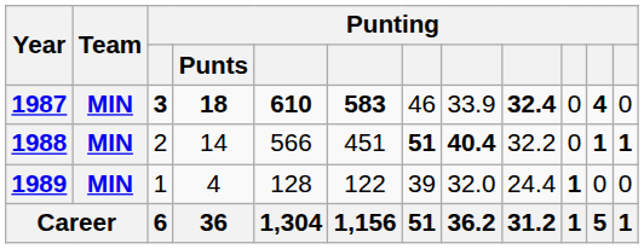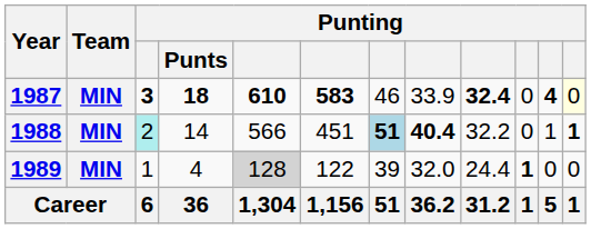 <table class=wikitable style="text-align:center;">
 <tr>
 <th rowspan="2">Year</th>
 <th rowspan="2">Team</th>
 <th colspan="10">Punting</th>
 </tr>
 <tr>
 <th></th>
 <th>Punts</th>
 <th></th>
 <th></th>
 <th></th>
 <th></th>
 <th></th>
 <th></th>
 <th></th>
 <th></th>
 </tr>
 <tr>
 <th><a href='#'>1987</a></th>
 <th><a href='#'>MIN</a></th>
 <td><strong>3</strong></td>
 <td><strong>18</strong></td>
 <td><strong>610</strong></td>
 <td><strong>583</strong></td>
 <td>46</td>
 <td>33.9</td>
 <td><strong>32.4</strong></td>
 <td>0</td>
 <td><strong>4</strong></td>
-<td>0</td>
+<td style="background: lightyellow;">0</td>
 </tr>
 <tr>
 <th><a href='#'>1988</a></th>
 <th><a href='#'>MIN</a></th>
-<td>2</td>
+<td style="background: paleturquoise;">2</td>
 <td>14</td>
 <td>566</td>
 <td>451</td>
-<td><strong>51</strong></td>
+<td style="background: lightblue;"><strong>51</strong></td>
 <td><strong>40.4</strong></td>
 <td>32.2</td>
 <td>0</td>
-<td><strong>1</strong></td>
+<td>1</td>
 <td><strong>1</strong></td>
 </tr>
 <tr>
 <th><a href='#'>1989</a></th>
 <th><a href='#'>MIN</a></th>
 <td>1</td>
 <td>4</td>
-<td>128</td>
+<td style="background: lightgrey;">128</td>
 <td>122</td>
 <td>39</td>
 <td>32.0</td>
 <td>24.4</td>
 <td><strong>1</strong></td>
 <td>0</td>
 <td>0</td>
 </tr>
 <tr>
 <th colspan="2">Career</th>
 <th>6</th>
 <th>36</th>
 <th>1,304</th>
 <th>1,156</th>
 <th>51</th>
 <th>36.2</th>
 <th>31.2</th>
 <th>1</th>
 <th>5</th>
 <th>1</th>
 </tr>
 </table>
